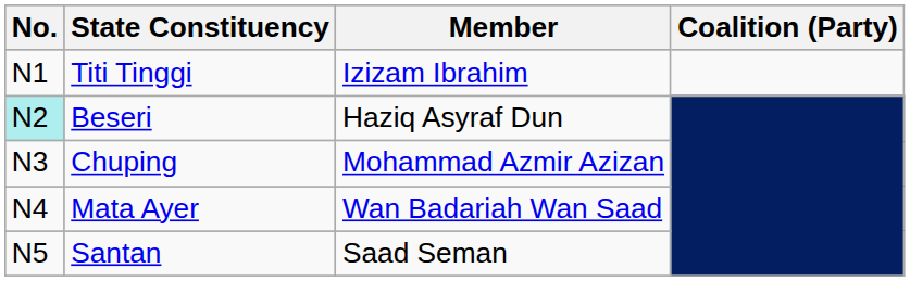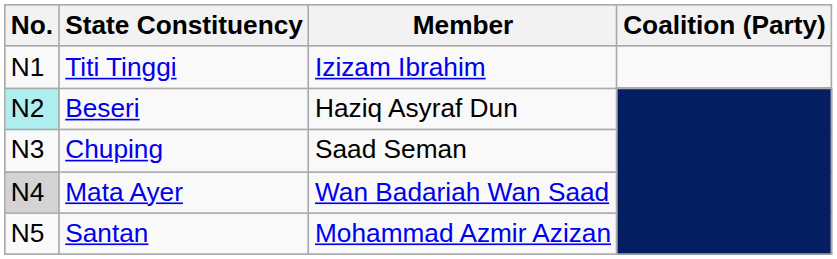 <table class="wikitable sortable">
 <tr>
 <th>No.</th>
 <th>State Constituency</th>
 <th>Member</th>
 <th>Coalition (Party)</th>
 </tr>
 <tr>
 <td>N1</td>
 <td><a href='#'>Titi Tinggi</a></td>
 <td><a href='#'>Izizam Ibrahim</a></td>
 <td></td>
 </tr>
 <tr>
 <td style="background: paleturquoise;">N2</td>
 <td><a href='#'>Beseri</a></td>
 <td>Haziq Asyraf Dun</td>
 <td rowspan=4 bgcolor=#031e61></td>
 </tr>
 <tr>
 <td>N3</td>
 <td><a href='#'>Chuping</a></td>
-<td><a href='#'>Mohammad Azmir Azizan</a></td>
+<td>Saad Seman</td>
 </tr>
 <tr>
-<td>N4</td>
+<td style="background: lightgrey;">N4</td>
 <td><a href='#'>Mata Ayer</a></td>
 <td><a href='#'>Wan Badariah Wan Saad</a></td>
 </tr>
 <tr>
 <td>N5</td>
 <td><a href='#'>Santan</a></td>
-<td>Saad Seman</td>
+<td><a href='#'>Mohammad Azmir Azizan</a></td>
 </tr>
 </table>
